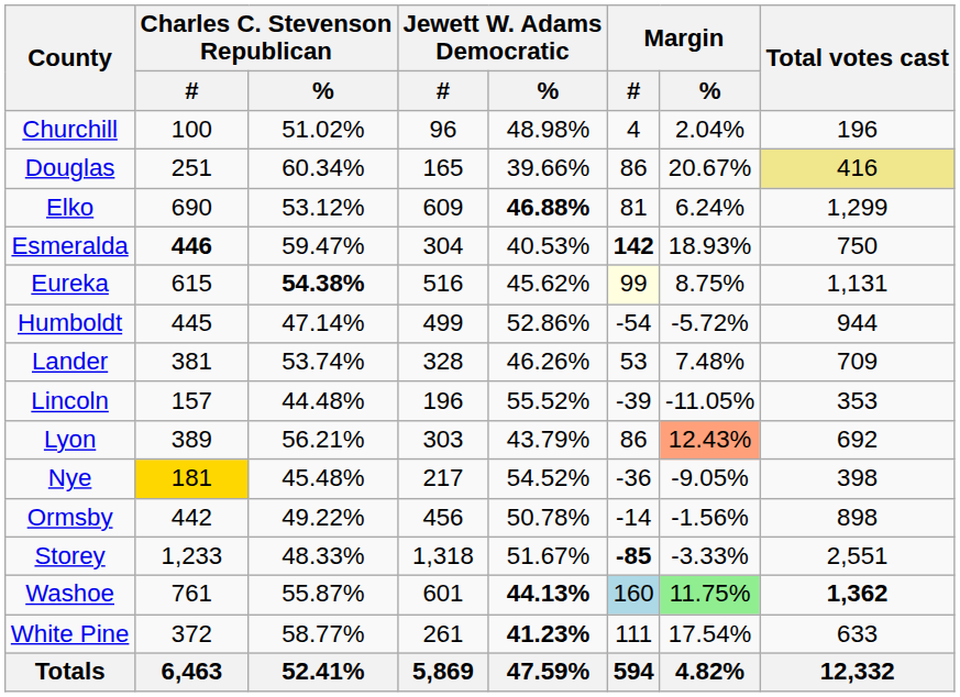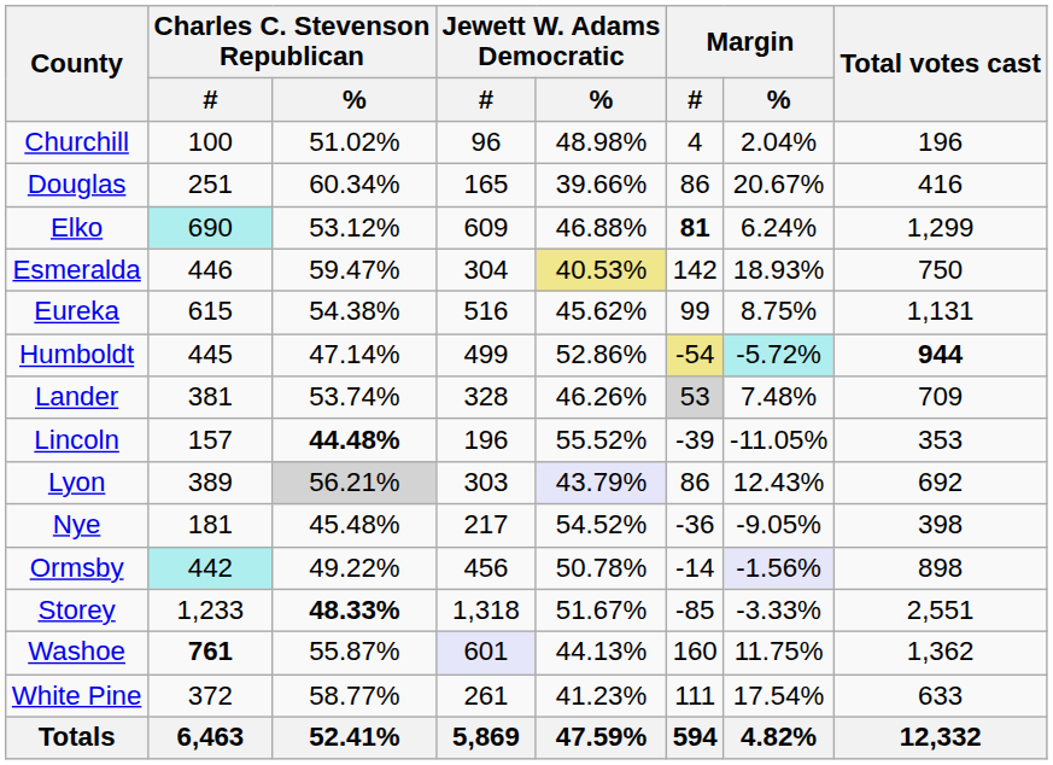 <table class="wikitable sortable" style="text-align:center">
 <tr>
 <th rowspan="2">County</th>
 <th style="text-align:center;" colspan="2">Charles C. Stevenson<br>Republican</th>
 <th style="text-align:center;" colspan="2">Jewett W. Adams<br>Democratic</th>
 <th style="text-align:center;" colspan="2">Margin</th>
 <th style="text-align:center;" rowspan="2">Total votes cast</th>
 </tr>
 <tr>
 <th style="text-align:center;" data-sort-type="number">#</th>
 <th style="text-align:center;" data-sort-type="number">%</th>
 <th style="text-align:center;" data-sort-type="number">#</th>
 <th style="text-align:center;" data-sort-type="number">%</th>
 <th style="text-align:center;" data-sort-type="number">#</th>
 <th style="text-align:center;" data-sort-type="number">%</th>
 </tr>
 <tr style="text-align:center;">
 <td><a href='#'>Churchill</a></td>
 <td>100</td>
 <td>51.02%</td>
 <td>96</td>
 <td>48.98%</td>
 <td>4</td>
 <td>2.04%</td>
 <td>196</td>
 </tr>
 <tr style="text-align:center;">
 <td><a href='#'>Douglas</a></td>
 <td>251</td>
 <td>60.34%</td>
 <td>165</td>
 <td>39.66%</td>
 <td>86</td>
 <td>20.67%</td>
-<td style="background: khaki;">416</td>
+<td>416</td>
 </tr>
 <tr style="text-align:center;">
 <td><a href='#'>Elko</a></td>
-<td>690</td>
+<td style="background: paleturquoise;">690</td>
 <td>53.12%</td>
 <td>609</td>
-<td><strong>46.88%</strong></td>
-<td>81</td>
+<td>46.88%</td>
+<td><strong>81</strong></td>
 <td>6.24%</td>
 <td>1,299</td>
 </tr>
 <tr style="text-align:center;">
 <td><a href='#'>Esmeralda</a></td>
-<td><strong>446</strong></td>
+<td>446</td>
 <td>59.47%</td>
 <td>304</td>
-<td>40.53%</td>
-<td><strong>142</strong></td>
+<td style="background: khaki;">40.53%</td>
+<td>142</td>
 <td>18.93%</td>
 <td>750</td>
 </tr>
 <tr style="text-align:center;">
 <td><a href='#'>Eureka</a></td>
 <td>615</td>
-<td><strong>54.38%</strong></td>
+<td>54.38%</td>
 <td>516</td>
 <td>45.62%</td>
-<td style="background: lightyellow;">99</td>
+<td>99</td>
 <td>8.75%</td>
 <td>1,131</td>
 </tr>
 <tr style="text-align:center;">
 <td><a href='#'>Humboldt</a></td>
 <td>445</td>
 <td>47.14%</td>
 <td>499</td>
 <td>52.86%</td>
-<td>-54</td>
-<td>-5.72%</td>
-<td>944</td>
+<td style="background: khaki;">-54</td>
+<td style="background: paleturquoise;">-5.72%</td>
+<td><strong>944</strong></td>
 </tr>
 <tr style="text-align:center;">
 <td><a href='#'>Lander</a></td>
 <td>381</td>
 <td>53.74%</td>
 <td>328</td>
 <td>46.26%</td>
-<td>53</td>
+<td style="background: lightgrey;">53</td>
 <td>7.48%</td>
 <td>709</td>
 </tr>
 <tr style="text-align:center;">
 <td><a href='#'>Lincoln</a></td>
 <td>157</td>
-<td>44.48%</td>
+<td><strong>44.48%</strong></td>
 <td>196</td>
 <td>55.52%</td>
 <td>-39</td>
 <td>-11.05%</td>
 <td>353</td>
 </tr>
 <tr style="text-align:center;">
 <td><a href='#'>Lyon</a></td>
 <td>389</td>
-<td>56.21%</td>
+<td style="background: lightgrey;">56.21%</td>
 <td>303</td>
-<td>43.79%</td>
+<td style="background: lavender;">43.79%</td>
 <td>86</td>
-<td style="background: lightsalmon;">12.43%</td>
+<td>12.43%</td>
 <td>692</td>
 </tr>
 <tr style="text-align:center;">
 <td><a href='#'>Nye</a></td>
-<td style="background: gold;">181</td>
+<td>181</td>
 <td>45.48%</td>
 <td>217</td>
 <td>54.52%</td>
 <td>-36</td>
 <td>-9.05%</td>
 <td>398</td>
 </tr>
 <tr style="text-align:center;">
 <td><a href='#'>Ormsby</a></td>
-<td>442</td>
+<td style="background: paleturquoise;">442</td>
 <td>49.22%</td>
 <td>456</td>
 <td>50.78%</td>
 <td>-14</td>
-<td>-1.56%</td>
+<td style="background: lavender;">-1.56%</td>
 <td>898</td>
 </tr>
 <tr style="text-align:center;">
 <td><a href='#'>Storey</a></td>
 <td>1,233</td>
-<td>48.33%</td>
+<td><strong>48.33%</strong></td>
 <td>1,318</td>
 <td>51.67%</td>
-<td><strong>-85</strong></td>
+<td>-85</td>
 <td>-3.33%</td>
 <td>2,551</td>
 </tr>
 <tr style="text-align:center;">
 <td><a href='#'>Washoe</a></td>
-<td>761</td>
+<td><strong>761</strong></td>
 <td>55.87%</td>
-<td>601</td>
-<td><strong>44.13%</strong></td>
-<td style="background: lightblue;">160</td>
-<td style="background: lightgreen;">11.75%</td>
-<td><strong>1,362</strong></td>
+<td style="background: lavender;">601</td>
+<td>44.13%</td>
+<td>160</td>
+<td>11.75%</td>
+<td>1,362</td>
 </tr>
 <tr style="text-align:center;">
 <td><a href='#'>White Pine</a></td>
 <td>372</td>
 <td>58.77%</td>
 <td>261</td>
-<td><strong>41.23%</strong></td>
+<td>41.23%</td>
 <td>111</td>
 <td>17.54%</td>
 <td>633</td>
 </tr>
 <tr style="text-align:center;">
 <th>Totals</th>
 <th>6,463</th>
 <th>52.41%</th>
 <th>5,869</th>
 <th>47.59%</th>
 <th>594</th>
 <th>4.82%</th>
 <th>12,332</th>
 </tr>
 </table>
